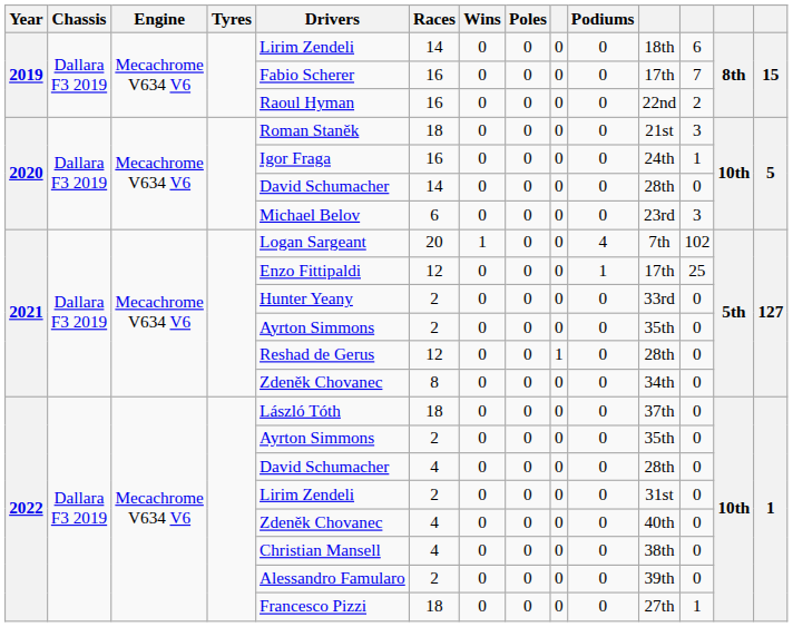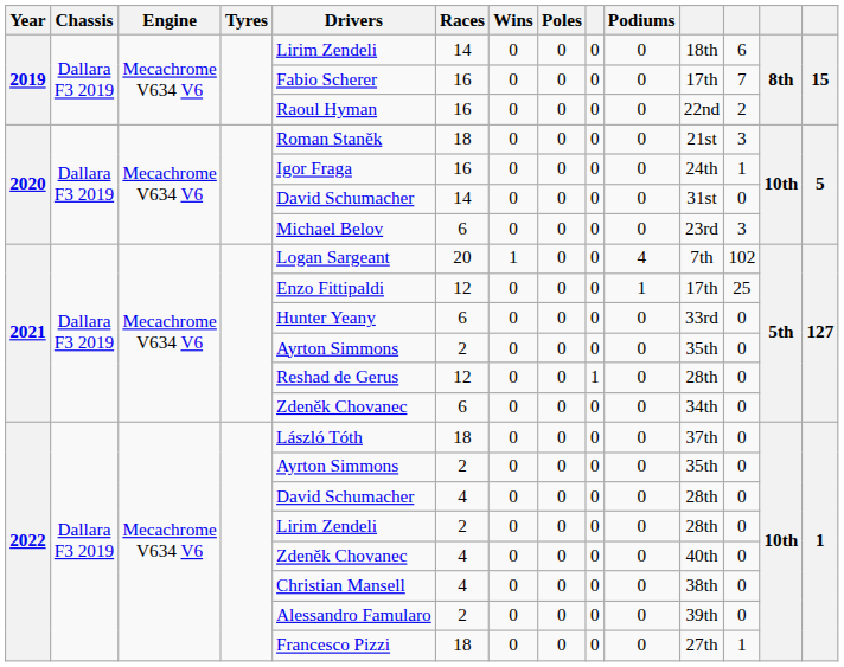 <table class="wikitable" style="text-align:center; font-size:85%">
 <tr>
 <th>Year</th>
 <th>Chassis</th>
 <th>Engine</th>
 <th>Tyres</th>
 <th>Drivers</th>
 <th>Races</th>
 <th>Wins</th>
 <th>Poles</th>
 <th></th>
 <th>Podiums</th>
 <th></th>
 <th></th>
 <th></th>
 <th></th>
 </tr>
 <tr>
 <th rowspan=3><a href='#'>2019</a></th>
 <td rowspan=3><a href='#'>Dallara</a><br><a href='#'>F3 2019</a></td>
 <td rowspan=3><a href='#'>Mecachrome</a><br>V634 <a href='#'>V6</a></td>
 <td rowspan=3></td>
 <td align=left> <a href='#'>Lirim Zendeli</a></td>
 <td>14</td>
 <td>0</td>
 <td>0</td>
 <td>0</td>
 <td>0</td>
 <td>18th</td>
 <td>6</td>
 <th rowspan="3">8th</th>
 <th rowspan="3">15</th>
 </tr>
 <tr>
 <td align=left> <a href='#'>Fabio Scherer</a></td>
 <td>16</td>
 <td>0</td>
 <td>0</td>
 <td>0</td>
 <td>0</td>
 <td>17th</td>
 <td>7</td>
 </tr>
 <tr>
 <td align=left> <a href='#'>Raoul Hyman</a></td>
 <td>16</td>
 <td>0</td>
 <td>0</td>
 <td>0</td>
 <td>0</td>
 <td>22nd</td>
 <td>2</td>
 </tr>
 <tr>
 <th rowspan=4><a href='#'>2020</a></th>
 <td rowspan=4><a href='#'>Dallara</a><br><a href='#'>F3 2019</a></td>
 <td rowspan=4><a href='#'>Mecachrome</a><br>V634 <a href='#'>V6</a></td>
 <td rowspan=4></td>
 <td align=left> <a href='#'>Roman Staněk</a></td>
 <td>18</td>
 <td>0</td>
 <td>0</td>
 <td>0</td>
 <td>0</td>
 <td>21st</td>
 <td>3</td>
 <th rowspan="4">10th</th>
 <th rowspan="4">5</th>
 </tr>
 <tr>
 <td align=left> <a href='#'>Igor Fraga</a></td>
 <td>16</td>
 <td>0</td>
 <td>0</td>
 <td>0</td>
 <td>0</td>
 <td>24th</td>
 <td>1</td>
 </tr>
 <tr>
 <td align=left> <a href='#'>David Schumacher</a></td>
 <td>14</td>
 <td>0</td>
 <td>0</td>
 <td>0</td>
 <td>0</td>
-<td>28th</td>
+<td>31st</td>
 <td>0</td>
 </tr>
 <tr>
 <td align=left> <a href='#'>Michael Belov</a></td>
 <td>6</td>
 <td>0</td>
 <td>0</td>
 <td>0</td>
 <td>0</td>
 <td>23rd</td>
 <td>3</td>
 </tr>
 <tr>
 <th rowspan=6><a href='#'>2021</a></th>
 <td rowspan=6><a href='#'>Dallara</a><br><a href='#'>F3 2019</a></td>
 <td rowspan=6><a href='#'>Mecachrome</a><br>V634 <a href='#'>V6</a></td>
 <td rowspan=6></td>
 <td align=left> <a href='#'>Logan Sargeant</a></td>
 <td>20</td>
 <td>1</td>
 <td>0</td>
 <td>0</td>
 <td>4</td>
 <td>7th</td>
 <td>102</td>
 <th rowspan="6">5th</th>
 <th rowspan="6">127</th>
 </tr>
 <tr>
 <td align=left> <a href='#'>Enzo Fittipaldi</a></td>
 <td>12</td>
 <td>0</td>
 <td>0</td>
 <td>0</td>
 <td>1</td>
 <td>17th</td>
 <td>25</td>
 </tr>
 <tr>
 <td align=left> <a href='#'>Hunter Yeany</a></td>
-<td>2</td>
+<td>6</td>
 <td>0</td>
 <td>0</td>
 <td>0</td>
 <td>0</td>
 <td>33rd</td>
 <td>0</td>
 </tr>
 <tr>
 <td align=left> <a href='#'>Ayrton Simmons</a></td>
 <td>2</td>
 <td>0</td>
 <td>0</td>
 <td>0</td>
 <td>0</td>
 <td>35th</td>
 <td>0</td>
 </tr>
 <tr>
 <td align=left> <a href='#'>Reshad de Gerus</a></td>
 <td>12</td>
 <td>0</td>
 <td>0</td>
 <td>1</td>
 <td>0</td>
 <td>28th</td>
 <td>0</td>
 </tr>
 <tr>
 <td align=left> <a href='#'>Zdeněk Chovanec</a></td>
-<td>8</td>
+<td>6</td>
 <td>0</td>
 <td>0</td>
 <td>0</td>
 <td>0</td>
 <td>34th</td>
 <td>0</td>
 </tr>
 <tr>
 <th rowspan=8><a href='#'>2022</a></th>
 <td rowspan=8><a href='#'>Dallara</a><br><a href='#'>F3 2019</a></td>
 <td rowspan=8><a href='#'>Mecachrome</a><br>V634 <a href='#'>V6</a></td>
 <td rowspan=8></td>
 <td align=left> <a href='#'>László Tóth</a></td>
 <td>18</td>
 <td>0</td>
 <td>0</td>
 <td>0</td>
 <td>0</td>
 <td>37th</td>
 <td>0</td>
 <th rowspan=8>10th</th>
 <th rowspan=8>1</th>
 </tr>
 <tr>
 <td align=left> <a href='#'>Ayrton Simmons</a></td>
 <td>2</td>
 <td>0</td>
 <td>0</td>
 <td>0</td>
 <td>0</td>
 <td>35th</td>
 <td>0</td>
 </tr>
 <tr>
 <td align=left> <a href='#'>David Schumacher</a></td>
 <td>4</td>
 <td>0</td>
 <td>0</td>
 <td>0</td>
 <td>0</td>
 <td>28th</td>
 <td>0</td>
 </tr>
 <tr>
 <td align=left> <a href='#'>Lirim Zendeli</a></td>
 <td>2</td>
 <td>0</td>
 <td>0</td>
 <td>0</td>
 <td>0</td>
-<td>31st</td>
+<td>28th</td>
 <td>0</td>
 </tr>
 <tr>
 <td align=left> <a href='#'>Zdeněk Chovanec</a></td>
 <td>4</td>
 <td>0</td>
 <td>0</td>
 <td>0</td>
 <td>0</td>
 <td>40th</td>
 <td>0</td>
 </tr>
 <tr>
 <td align=left> <a href='#'>Christian Mansell</a></td>
 <td>4</td>
 <td>0</td>
 <td>0</td>
 <td>0</td>
 <td>0</td>
 <td>38th</td>
 <td>0</td>
 </tr>
 <tr>
 <td align=left> <a href='#'>Alessandro Famularo</a></td>
 <td>2</td>
 <td>0</td>
 <td>0</td>
 <td>0</td>
 <td>0</td>
 <td>39th</td>
 <td>0</td>
 </tr>
 <tr>
 <td align=left> <a href='#'>Francesco Pizzi</a></td>
 <td>18</td>
 <td>0</td>
 <td>0</td>
 <td>0</td>
 <td>0</td>
 <td>27th</td>
 <td>1</td>
 </tr>
 </table>
